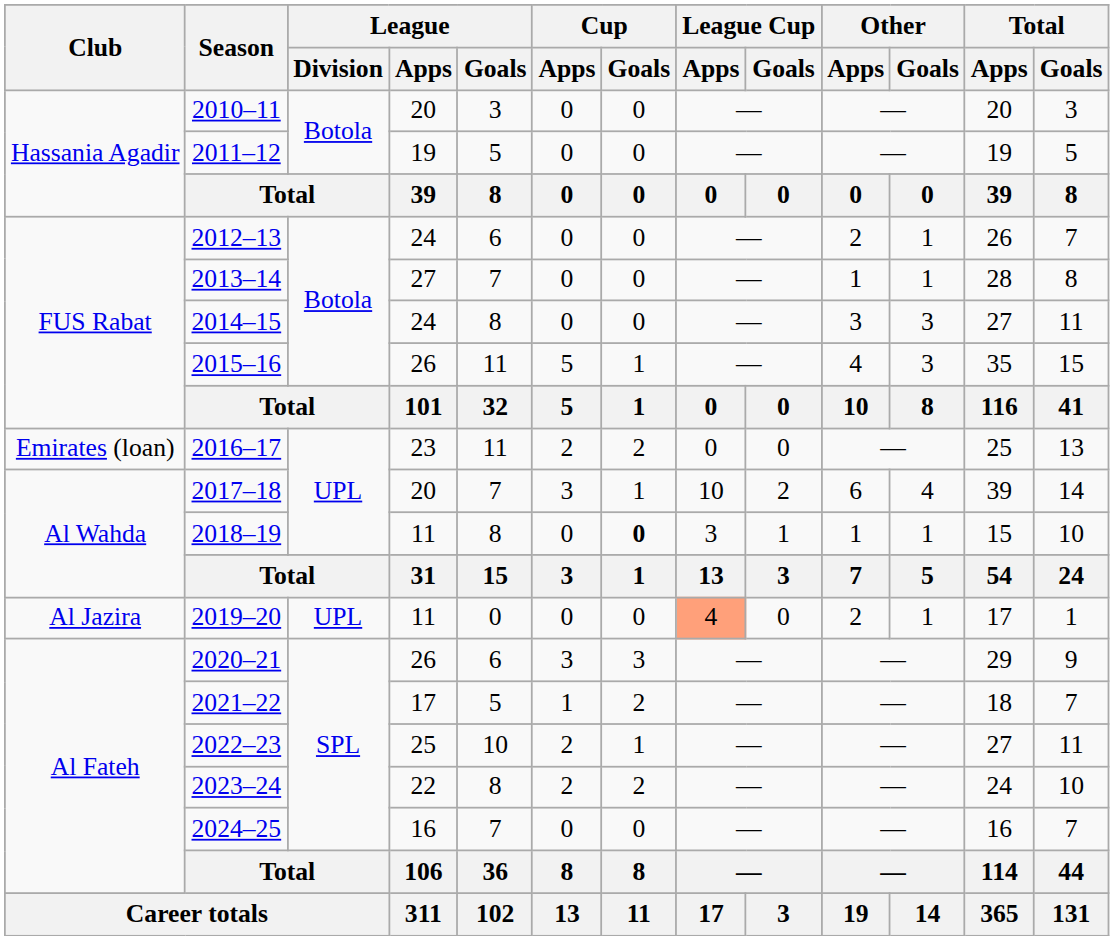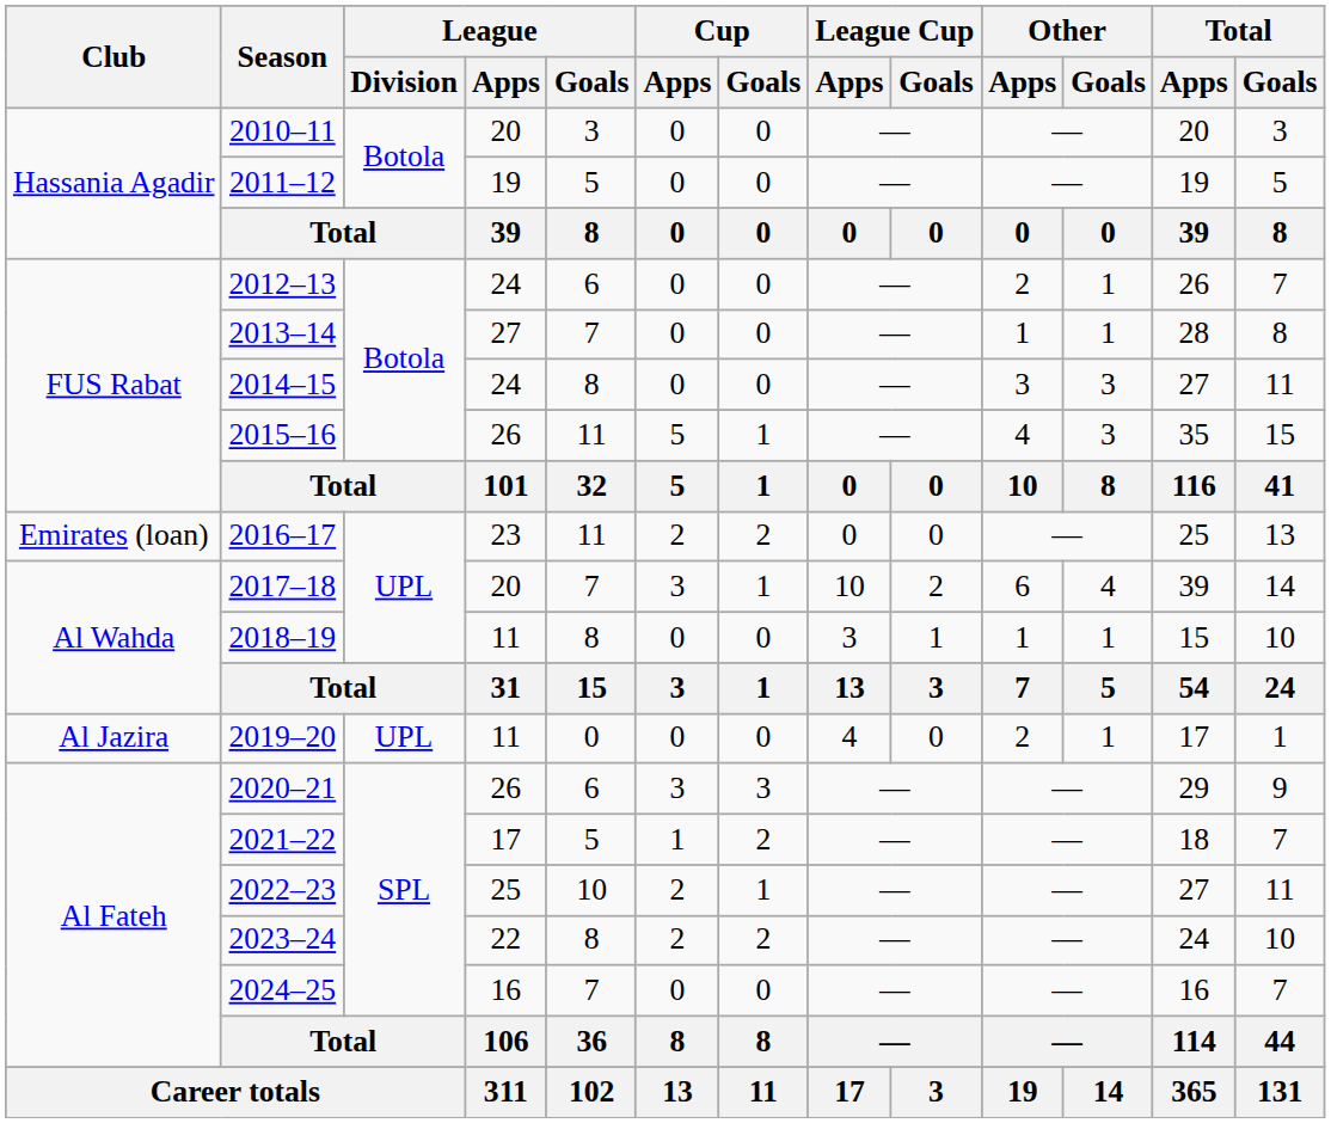 <table class="wikitable" style="font-size:90%; text-align: center">
 <tr>
 <th rowspan=2>Club</th>
 <th rowspan=2>Season</th>
 <th colspan=3>League</th>
 <th colspan=2>Cup</th>
 <th colspan=2>League Cup</th>
 <th colspan=2>Other</th>
 <th colspan=2>Total</th>
 </tr>
 <tr>
 <th>Division</th>
 <th>Apps</th>
 <th>Goals</th>
 <th>Apps</th>
 <th>Goals</th>
 <th>Apps</th>
 <th>Goals</th>
 <th>Apps</th>
 <th>Goals</th>
 <th>Apps</th>
 <th>Goals</th>
 </tr>
 <tr>
 <td rowspan=3><a href='#'>Hassania Agadir</a></td>
 <td><a href='#'>2010–11</a></td>
 <td rowspan=2><a href='#'>Botola</a></td>
 <td>20</td>
 <td>3</td>
 <td>0</td>
 <td>0</td>
 <td colspan=2>—</td>
 <td colspan=2>—</td>
 <td>20</td>
 <td>3</td>
 </tr>
 <tr>
 <td><a href='#'>2011–12</a></td>
 <td>19</td>
 <td>5</td>
 <td>0</td>
 <td>0</td>
 <td colspan=2>—</td>
 <td colspan=2>—</td>
 <td>19</td>
 <td>5</td>
 </tr>
 <tr>
 <th colspan=2>Total</th>
 <th>39</th>
 <th>8</th>
 <th>0</th>
 <th>0</th>
 <th>0</th>
 <th>0</th>
 <th>0</th>
 <th>0</th>
 <th>39</th>
 <th>8</th>
 </tr>
 <tr>
 <td rowspan=5><a href='#'>FUS Rabat</a></td>
 <td><a href='#'>2012–13</a></td>
 <td rowspan=4><a href='#'>Botola</a></td>
 <td>24</td>
 <td>6</td>
 <td>0</td>
 <td>0</td>
 <td colspan=2>—</td>
 <td>2</td>
 <td>1</td>
 <td>26</td>
 <td>7</td>
 </tr>
 <tr>
 <td><a href='#'>2013–14</a></td>
 <td>27</td>
 <td>7</td>
 <td>0</td>
 <td>0</td>
 <td colspan=2>—</td>
 <td>1</td>
 <td>1</td>
 <td>28</td>
 <td>8</td>
 </tr>
 <tr>
 <td><a href='#'>2014–15</a></td>
 <td>24</td>
 <td>8</td>
 <td>0</td>
 <td>0</td>
 <td colspan=2>—</td>
 <td>3</td>
 <td>3</td>
 <td>27</td>
 <td>11</td>
 </tr>
 <tr>
 <td><a href='#'>2015–16</a></td>
 <td>26</td>
 <td>11</td>
 <td>5</td>
 <td>1</td>
 <td colspan=2>—</td>
 <td>4</td>
 <td>3</td>
 <td>35</td>
 <td>15</td>
 </tr>
 <tr>
 <th colspan=2>Total</th>
 <th>101</th>
 <th>32</th>
 <th>5</th>
 <th>1</th>
 <th>0</th>
 <th>0</th>
 <th>10</th>
 <th>8</th>
 <th>116</th>
 <th>41</th>
 </tr>
 <tr>
 <td><a href='#'>Emirates</a> (loan)</td>
 <td><a href='#'>2016–17</a></td>
 <td rowspan=3><a href='#'>UPL</a></td>
 <td>23</td>
 <td>11</td>
 <td>2</td>
 <td>2</td>
 <td>0</td>
 <td>0</td>
 <td colspan=2>—</td>
 <td>25</td>
 <td>13</td>
 </tr>
 <tr>
 <td rowspan=3><a href='#'>Al Wahda</a></td>
 <td><a href='#'>2017–18</a></td>
 <td>20</td>
 <td>7</td>
 <td>3</td>
 <td>1</td>
 <td>10</td>
 <td>2</td>
 <td>6</td>
 <td>4</td>
 <td>39</td>
 <td>14</td>
 </tr>
 <tr>
 <td><a href='#'>2018–19</a></td>
 <td>11</td>
 <td>8</td>
 <td>0</td>
-<td><strong>0</strong></td>
+<td>0</td>
 <td>3</td>
 <td>1</td>
 <td>1</td>
 <td>1</td>
 <td>15</td>
 <td>10</td>
 </tr>
 <tr>
 <th colspan=2>Total</th>
 <th>31</th>
 <th>15</th>
 <th>3</th>
 <th>1</th>
 <th>13</th>
 <th>3</th>
 <th>7</th>
 <th>5</th>
 <th>54</th>
 <th>24</th>
 </tr>
 <tr>
 <td><a href='#'>Al Jazira</a></td>
 <td><a href='#'>2019–20</a></td>
 <td><a href='#'>UPL</a></td>
 <td>11</td>
 <td>0</td>
 <td>0</td>
 <td>0</td>
-<td style="background: lightsalmon;">4</td>
+<td>4</td>
 <td>0</td>
 <td>2</td>
 <td>1</td>
 <td>17</td>
 <td>1</td>
 </tr>
 <tr>
 <td rowspan=6><a href='#'>Al Fateh</a></td>
 <td><a href='#'>2020–21</a></td>
 <td rowspan=5><a href='#'>SPL</a></td>
 <td>26</td>
 <td>6</td>
 <td>3</td>
 <td>3</td>
 <td colspan=2>—</td>
 <td colspan=2>—</td>
 <td>29</td>
 <td>9</td>
 </tr>
 <tr>
 <td><a href='#'>2021–22</a></td>
 <td>17</td>
 <td>5</td>
 <td>1</td>
 <td>2</td>
 <td colspan=2>—</td>
 <td colspan=2>—</td>
 <td>18</td>
 <td>7</td>
 </tr>
 <tr>
 <td><a href='#'>2022–23</a></td>
 <td>25</td>
 <td>10</td>
 <td>2</td>
 <td>1</td>
 <td colspan=2>—</td>
 <td colspan=2>—</td>
 <td>27</td>
 <td>11</td>
 </tr>
 <tr>
 <td><a href='#'>2023–24</a></td>
 <td>22</td>
 <td>8</td>
 <td>2</td>
 <td>2</td>
 <td colspan=2>—</td>
 <td colspan=2>—</td>
 <td>24</td>
 <td>10</td>
 </tr>
 <tr>
 <td><a href='#'>2024–25</a></td>
 <td>16</td>
 <td>7</td>
 <td>0</td>
 <td>0</td>
 <td colspan=2>—</td>
 <td colspan=2>—</td>
 <td>16</td>
 <td>7</td>
 </tr>
 <tr>
 <th colspan=2>Total</th>
 <th>106</th>
 <th>36</th>
 <th>8</th>
 <th>8</th>
 <th colspan=2>—</th>
 <th colspan=2>—</th>
 <th>114</th>
 <th>44</th>
 </tr>
 <tr>
 <th colspan=3>Career totals</th>
 <th>311</th>
 <th>102</th>
 <th>13</th>
 <th>11</th>
 <th>17</th>
 <th>3</th>
 <th>19</th>
 <th>14</th>
 <th>365</th>
 <th>131</th>
 </tr>
 </table>
